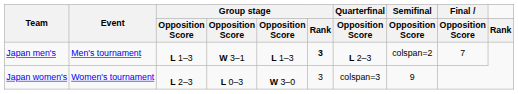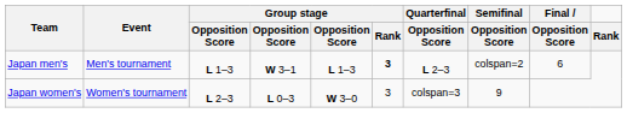 <table class="wikitable" style="font-size:90%">
 <tr>
 <th rowspan=2>Team</th>
 <th rowspan=2>Event</th>
 <th colspan=4>Group stage</th>
 <th>Quarterfinal</th>
 <th>Semifinal</th>
 <th>Final / </th>
 </tr>
 <tr style="font-size:100%">
 <th>Opposition<br>Score</th>
 <th>Opposition<br>Score</th>
 <th>Opposition<br>Score</th>
 <th>Rank</th>
 <th>Opposition<br>Score</th>
 <th>Opposition<br>Score</th>
 <th>Opposition<br>Score</th>
 <th>Rank</th>
 </tr>
 <tr align=center>
 <td align=left><a href='#'>Japan men's</a></td>
 <td align=left><a href='#'>Men's tournament</a></td>
 <td><br><strong>L</strong> 1–3</td>
 <td><br><strong>W</strong> 3–1</td>
 <td><br><strong>L</strong> 1–3</td>
 <td><strong>3</strong></td>
 <td><br><strong>L</strong> 2–3</td>
 <td>colspan=2 </td>
-<td>7</td>
+<td>6</td>
 </tr>
 <tr align=center>
 <td align=left><a href='#'>Japan women's</a></td>
 <td align=left><a href='#'>Women's tournament</a></td>
 <td><br><strong>L</strong> 2–3</td>
 <td><br><strong>L</strong> 0–3</td>
 <td><br><strong>W</strong> 3–0</td>
 <td>3</td>
 <td>colspan=3 </td>
 <td>9</td>
 </tr>
 </table>
